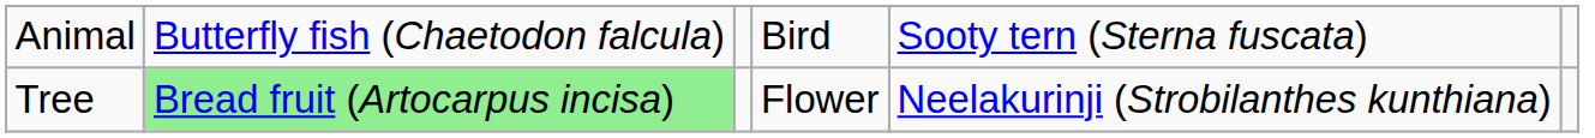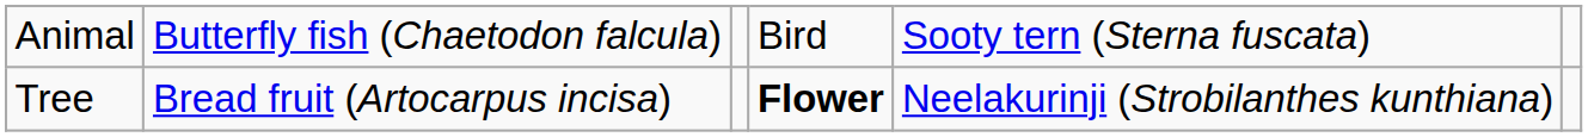 <table class="wikitable" style="text-align:left;" style="font-size: 85%">
 <tr>
 <td>Animal</td>
 <td><a href='#'>Butterfly fish</a> (<em>Chaetodon falcula</em>)</td>
 <td></td>
 <td>Bird</td>
 <td><a href='#'>Sooty tern</a> (<em>Sterna fuscata</em>)</td>
 <td></td>
 </tr>
 <tr>
 <td>Tree</td>
-<td style="background: lightgreen;"><a href='#'>Bread fruit</a> (<em>Artocarpus incisa</em>)</td>
+<td><a href='#'>Bread fruit</a> (<em>Artocarpus incisa</em>)</td>
 <td></td>
-<td>Flower</td>
+<td><strong>Flower</strong></td>
 <td><a href='#'>Neelakurinji</a> (<em>Strobilanthes kunthiana</em>)</td>
 <td></td>
 </tr>
 </table>
